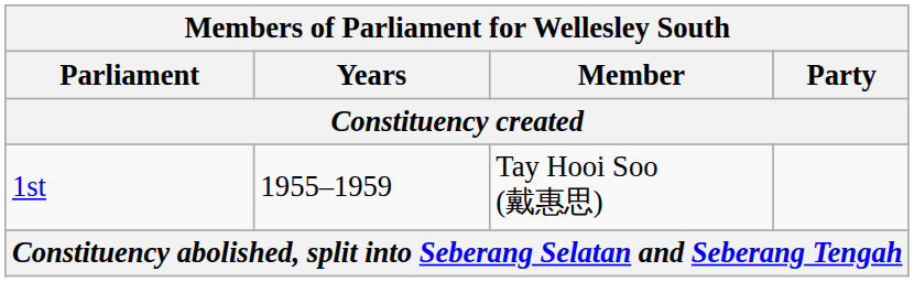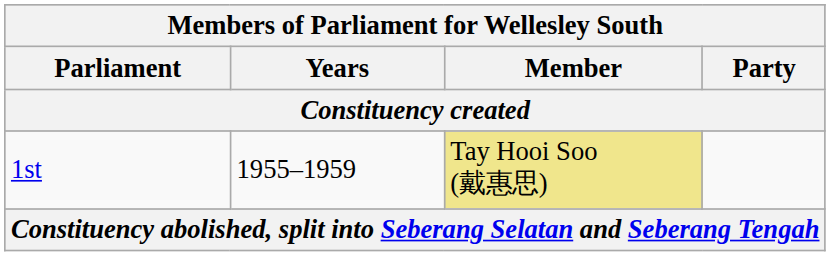 <table class="wikitable">
 <tr>
 <th colspan="4">Members of Parliament for Wellesley South</th>
 </tr>
 <tr>
 <th>Parliament</th>
 <th>Years</th>
 <th>Member</th>
 <th>Party</th>
 </tr>
 <tr>
 <th colspan="4"><em>Constituency created</em></th>
 </tr>
 <tr>
 <td><a href='#'>1st</a></td>
 <td>1955–1959</td>
-<td>Tay Hooi Soo <br> (戴惠思)</td>
+<td style="background: khaki;">Tay Hooi Soo <br> (戴惠思)</td>
 <td></td>
 </tr>
 <tr>
 <th colspan="4"><em>Constituency abolished, split into <a href='#'>Seberang Selatan</a> and <a href='#'>Seberang Tengah</a></em></th>
 </tr>
 </table>
